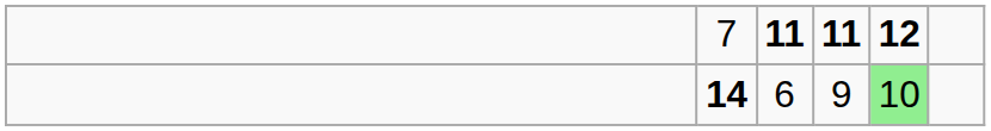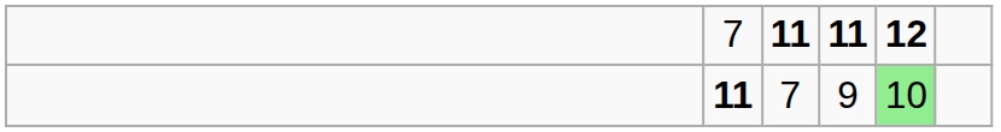 <table class="wikitable">
 <tr>
 <td style="width:18em"><strong></strong></td>
 <td align=center style="width:1em">7</td>
 <td align=center style="width:1em"><strong>11</strong></td>
 <td align=center style="width:1em"><strong>11</strong></td>
 <td align=center style="width:1em"><strong>12</strong></td>
 <td align=center style="width:1em"></td>
 </tr>
 <tr>
 <td style="width:18em"></td>
-<td align=center style="width:1em"><strong>14</strong></td>
-<td align=center style="width:1em">6</td>
+<td align=center style="width:1em"><strong>11</strong></td>
+<td align=center style="width:1em">7</td>
 <td align=center style="width:1em">9</td>
 <td align=center style="background: lightgreen; width:1em">10</td>
 <td align=center style="width:1em"></td>
 </tr>
 </table>
